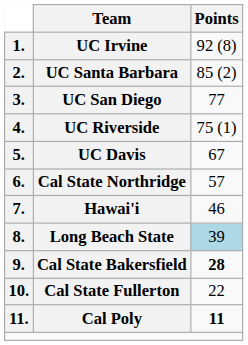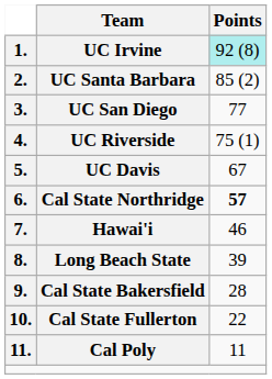 <table class="wikitable" style="white-space:nowrap; font-size:90%;">
 <tr>
 <td ! colspan=1 style="background:white; border-top-style:hidden; border-left-style:hidden;"></td>
 <th>Team</th>
 <th>Points</th>
 </tr>
 <tr>
 <th>1.</th>
 <th>UC Irvine</th>
-<td align="center">92 (8)</td>
+<td align="center" style="background: paleturquoise;">92 (8)</td>
 </tr>
 <tr>
 <th>2.</th>
 <th>UC Santa Barbara</th>
 <td align="center">85 (2)</td>
 </tr>
 <tr>
 <th>3.</th>
 <th>UC San Diego</th>
 <td align="center">77</td>
 </tr>
 <tr>
 <th>4.</th>
 <th>UC Riverside</th>
 <td align="center">75 (1)</td>
 </tr>
 <tr>
 <th>5.</th>
 <th>UC Davis</th>
 <td align="center">67</td>
 </tr>
 <tr>
 <th>6.</th>
 <th>Cal State Northridge</th>
-<td align="center">57</td>
+<td align="center"><strong>57</strong></td>
 </tr>
 <tr>
 <th>7.</th>
 <th>Hawai'i</th>
 <td align="center">46</td>
 </tr>
 <tr>
 <th>8.</th>
 <th>Long Beach State</th>
-<td align="center" style="background: lightblue;">39</td>
+<td align="center">39</td>
 </tr>
 <tr>
 <th>9.</th>
 <th>Cal State Bakersfield</th>
-<td align="center"><strong>28</strong></td>
+<td align="center">28</td>
 </tr>
 <tr>
 <th>10.</th>
 <th>Cal State Fullerton</th>
 <td align="center">22</td>
 </tr>
 <tr>
 <th>11.</th>
 <th>Cal Poly</th>
-<td align="center"><strong>11</strong></td>
+<td align="center">11</td>
 </tr>
 <tr>
 <td colspan="4"  style="font-size:11pt; text-align:center;"><em></em></td>
 </tr>
 </table>
